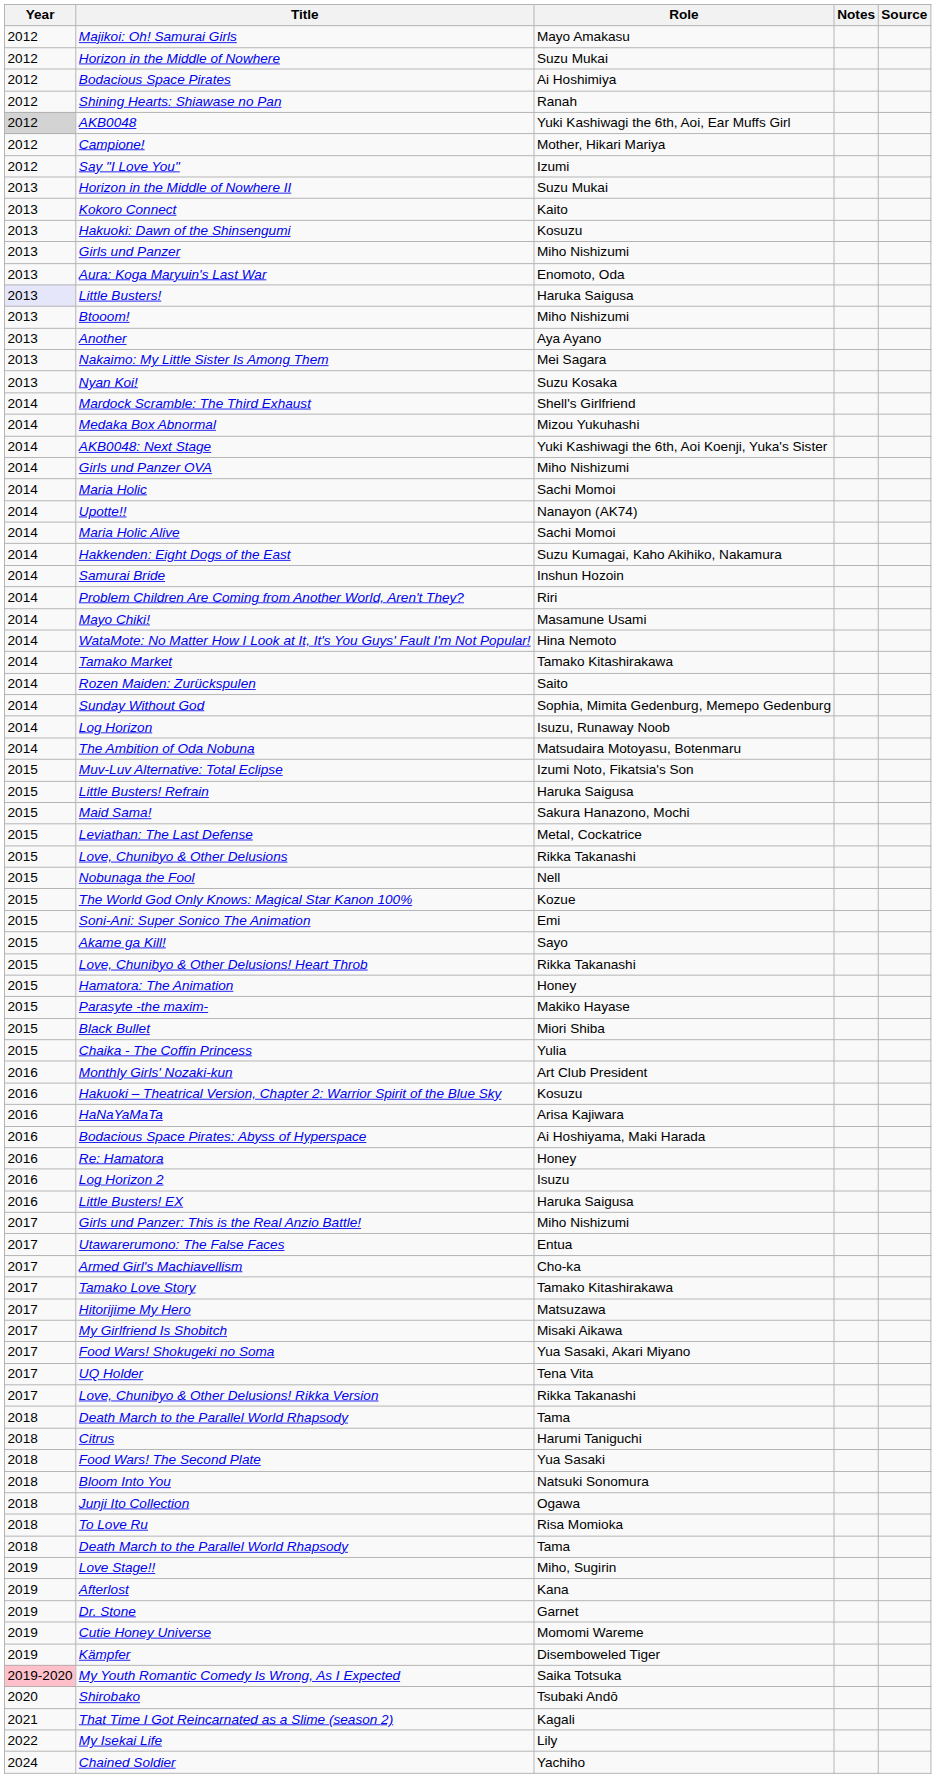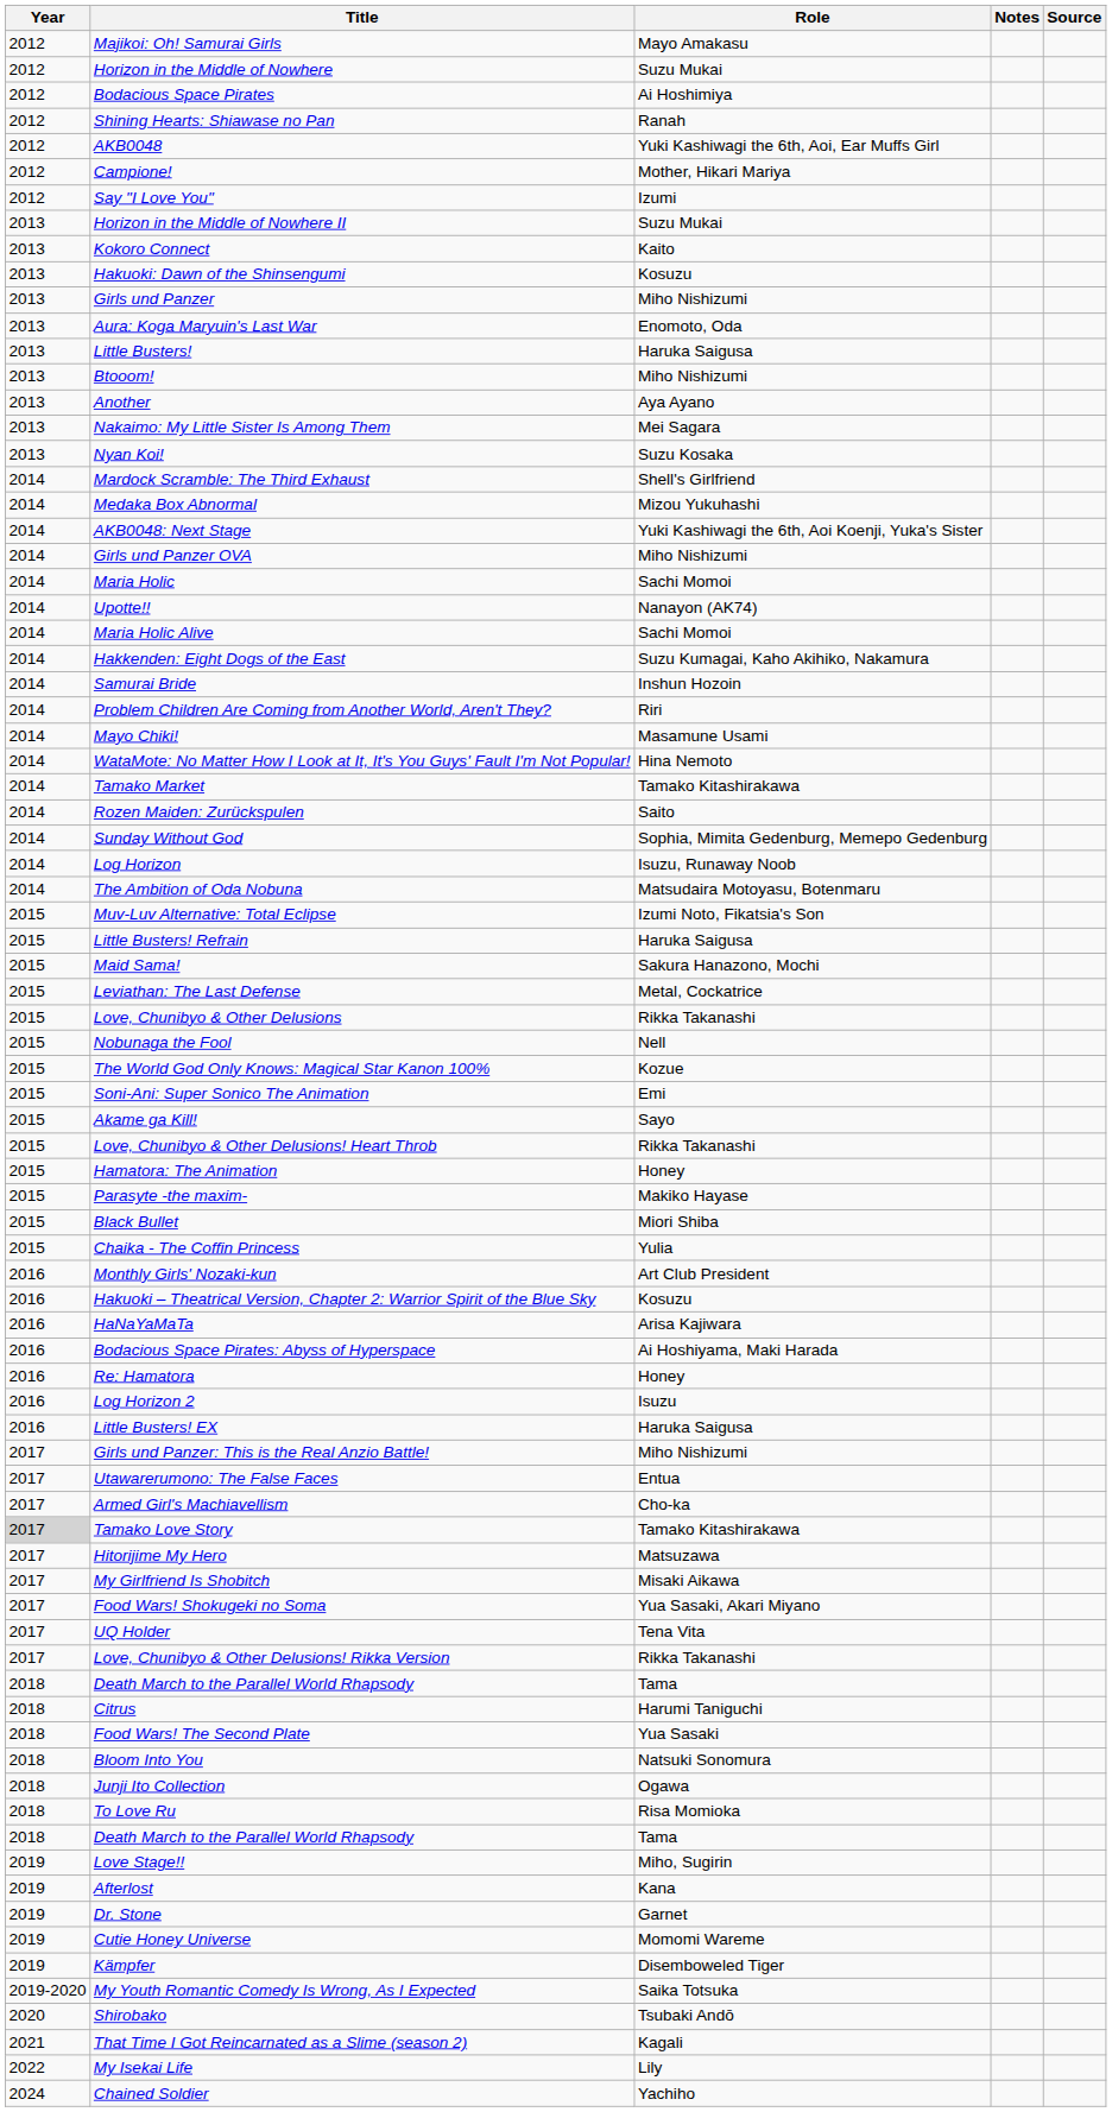 <table class="wikitable sortable plainrowheaders">
 <tr>
 <th>Year</th>
 <th>Title</th>
 <th>Role</th>
 <th class="unsortable">Notes</th>
 <th class="unsortable">Source</th>
 </tr>
 <tr>
 <td>2012</td>
 <td><a href='#'><em>Majikoi: Oh! Samurai Girls</em></a></td>
 <td>Mayo Amakasu</td>
 <td></td>
 <td></td>
 </tr>
 <tr>
 <td>2012</td>
 <td><em><a href='#'>Horizon in the Middle of Nowhere</a></em></td>
 <td>Suzu Mukai</td>
 <td></td>
 <td></td>
 </tr>
 <tr>
 <td>2012</td>
 <td><em><a href='#'>Bodacious Space Pirates</a></em></td>
 <td>Ai Hoshimiya</td>
 <td></td>
 <td></td>
 </tr>
 <tr>
 <td>2012</td>
 <td><em><a href='#'>Shining Hearts: Shiawase no Pan</a></em></td>
 <td>Ranah</td>
 <td></td>
 <td></td>
 </tr>
 <tr>
-<td style="background: lightgrey;">2012</td>
+<td>2012</td>
 <td><em><a href='#'>AKB0048</a></em></td>
 <td>Yuki Kashiwagi the 6th, Aoi, Ear Muffs Girl</td>
 <td></td>
 <td></td>
 </tr>
 <tr>
 <td>2012</td>
 <td><em><a href='#'>Campione!</a></em></td>
 <td>Mother, Hikari Mariya</td>
 <td></td>
 <td></td>
 </tr>
 <tr>
 <td>2012</td>
 <td><a href='#'><em>Say "I Love You"</em></a></td>
 <td>Izumi</td>
 <td></td>
 <td></td>
 </tr>
 <tr>
 <td>2013</td>
 <td><a href='#'><em>Horizon in the Middle of Nowhere II</em></a></td>
 <td>Suzu Mukai</td>
 <td></td>
 <td></td>
 </tr>
 <tr>
 <td>2013</td>
 <td><em><a href='#'>Kokoro Connect</a></em></td>
 <td>Kaito</td>
 <td></td>
 <td></td>
 </tr>
 <tr>
 <td>2013</td>
 <td><a href='#'><em>Hakuoki: Dawn of the Shinsengumi</em></a></td>
 <td>Kosuzu</td>
 <td></td>
 <td></td>
 </tr>
 <tr>
 <td>2013</td>
 <td><em><a href='#'>Girls und Panzer</a></em></td>
 <td>Miho Nishizumi</td>
 <td></td>
 <td></td>
 </tr>
 <tr>
 <td>2013</td>
 <td><em><a href='#'>Aura: Koga Maryuin's Last War</a></em></td>
 <td>Enomoto, Oda</td>
 <td></td>
 <td></td>
 </tr>
 <tr>
-<td style="background: lavender;">2013</td>
+<td>2013</td>
 <td><em><a href='#'>Little Busters!</a></em></td>
 <td>Haruka Saigusa</td>
 <td></td>
 <td></td>
 </tr>
 <tr>
 <td>2013</td>
 <td><em><a href='#'>Btooom!</a></em></td>
 <td>Miho Nishizumi</td>
 <td></td>
 <td></td>
 </tr>
 <tr>
 <td>2013</td>
 <td><em><a href='#'>Another</a></em></td>
 <td>Aya Ayano</td>
 <td></td>
 <td></td>
 </tr>
 <tr>
 <td>2013</td>
 <td><em><a href='#'>Nakaimo: My Little Sister Is Among Them</a></em></td>
 <td>Mei Sagara</td>
 <td></td>
 <td></td>
 </tr>
 <tr>
 <td>2013</td>
 <td><em><a href='#'>Nyan Koi!</a></em></td>
 <td>Suzu Kosaka</td>
 <td></td>
 <td></td>
 </tr>
 <tr>
 <td>2014</td>
 <td><em><a href='#'>Mardock Scramble: The Third Exhaust</a></em></td>
 <td>Shell's Girlfriend</td>
 <td></td>
 <td></td>
 </tr>
 <tr>
 <td>2014</td>
 <td><em><a href='#'>Medaka Box Abnormal</a></em></td>
 <td>Mizou Yukuhashi</td>
 <td></td>
 <td></td>
 </tr>
 <tr>
 <td>2014</td>
 <td><a href='#'><em>AKB0048: Next Stage</em></a></td>
 <td>Yuki Kashiwagi the 6th, Aoi Koenji, Yuka's Sister</td>
 <td></td>
 <td></td>
 </tr>
 <tr>
 <td>2014</td>
 <td><a href='#'><em>Girls und Panzer OVA</em></a></td>
 <td>Miho Nishizumi</td>
 <td></td>
 <td></td>
 </tr>
 <tr>
 <td>2014</td>
 <td><em><a href='#'>Maria Holic</a></em></td>
 <td>Sachi Momoi</td>
 <td></td>
 <td></td>
 </tr>
 <tr>
 <td>2014</td>
 <td><em><a href='#'>Upotte!!</a></em></td>
 <td>Nanayon (AK74)</td>
 <td></td>
 <td></td>
 </tr>
 <tr>
 <td>2014</td>
 <td><a href='#'><em>Maria Holic Alive</em></a></td>
 <td>Sachi Momoi</td>
 <td></td>
 <td></td>
 </tr>
 <tr>
 <td>2014</td>
 <td><em><a href='#'>Hakkenden: Eight Dogs of the East</a></em></td>
 <td>Suzu Kumagai, Kaho Akihiko, Nakamura</td>
 <td></td>
 <td></td>
 </tr>
 <tr>
 <td>2014</td>
 <td><em><a href='#'>Samurai Bride</a></em></td>
 <td>Inshun Hozoin</td>
 <td></td>
 <td></td>
 </tr>
 <tr>
 <td>2014</td>
 <td><em><a href='#'>Problem Children Are Coming from Another World, Aren't They?</a></em></td>
 <td>Riri</td>
 <td></td>
 <td></td>
 </tr>
 <tr>
 <td>2014</td>
 <td><em><a href='#'>Mayo Chiki!</a></em></td>
 <td>Masamune Usami</td>
 <td></td>
 <td></td>
 </tr>
 <tr>
 <td>2014</td>
 <td><a href='#'><em>WataMote: No Matter How I Look at It, It's You Guys' Fault I'm Not Popular!</em></a></td>
 <td>Hina Nemoto</td>
 <td></td>
 <td></td>
 </tr>
 <tr>
 <td>2014</td>
 <td><em><a href='#'>Tamako Market</a></em></td>
 <td>Tamako Kitashirakawa</td>
 <td></td>
 <td></td>
 </tr>
 <tr>
 <td>2014</td>
 <td><em><a href='#'>Rozen Maiden: Zurückspulen</a></em></td>
 <td>Saito</td>
 <td></td>
 <td></td>
 </tr>
 <tr>
 <td>2014</td>
 <td><em><a href='#'>Sunday Without God</a></em></td>
 <td>Sophia, Mimita Gedenburg, Memepo Gedenburg</td>
 <td></td>
 <td></td>
 </tr>
 <tr>
 <td>2014</td>
 <td><a href='#'><em>Log Horizon</em></a></td>
 <td>Isuzu, Runaway Noob</td>
 <td></td>
 <td></td>
 </tr>
 <tr>
 <td>2014</td>
 <td><em><a href='#'>The Ambition of Oda Nobuna</a></em></td>
 <td>Matsudaira Motoyasu, Botenmaru</td>
 <td></td>
 <td></td>
 </tr>
 <tr>
 <td>2015</td>
 <td><a href='#'><em>Muv-Luv Alternative: Total Eclipse</em></a></td>
 <td>Izumi Noto, Fikatsia's Son</td>
 <td></td>
 <td></td>
 </tr>
 <tr>
 <td>2015</td>
 <td><em><a href='#'>Little Busters! Refrain</a></em></td>
 <td>Haruka Saigusa</td>
 <td></td>
 <td></td>
 </tr>
 <tr>
 <td>2015</td>
 <td><em><a href='#'>Maid Sama!</a></em></td>
 <td>Sakura Hanazono, Mochi</td>
 <td></td>
 <td></td>
 </tr>
 <tr>
 <td>2015</td>
 <td><em><a href='#'>Leviathan: The Last Defense</a></em></td>
 <td>Metal, Cockatrice</td>
 <td></td>
 <td></td>
 </tr>
 <tr>
 <td>2015</td>
 <td><em><a href='#'>Love, Chunibyo & Other Delusions</a></em></td>
 <td>Rikka Takanashi</td>
 <td></td>
 <td></td>
 </tr>
 <tr>
 <td>2015</td>
 <td><em><a href='#'>Nobunaga the Fool</a></em></td>
 <td>Nell</td>
 <td></td>
 <td></td>
 </tr>
 <tr>
 <td>2015</td>
 <td><a href='#'><em>The World God Only Knows: Magical Star Kanon 100%</em></a></td>
 <td>Kozue</td>
 <td></td>
 <td></td>
 </tr>
 <tr>
 <td>2015</td>
 <td><a href='#'><em>Soni-Ani: Super Sonico The Animation</em></a></td>
 <td>Emi</td>
 <td></td>
 <td></td>
 </tr>
 <tr>
 <td>2015</td>
 <td><em><a href='#'>Akame ga Kill!</a></em></td>
 <td>Sayo</td>
 <td></td>
 <td></td>
 </tr>
 <tr>
 <td>2015</td>
 <td><a href='#'><em>Love, Chunibyo & Other Delusions! Heart Throb</em></a></td>
 <td>Rikka Takanashi</td>
 <td></td>
 <td></td>
 </tr>
 <tr>
 <td>2015</td>
 <td><a href='#'><em>Hamatora: The Animation</em></a></td>
 <td>Honey</td>
 <td></td>
 <td></td>
 </tr>
 <tr>
 <td>2015</td>
 <td><em><a href='#'>Parasyte -the maxim-</a></em></td>
 <td>Makiko Hayase</td>
 <td></td>
 <td></td>
 </tr>
 <tr>
 <td>2015</td>
 <td><em><a href='#'>Black Bullet</a></em></td>
 <td>Miori Shiba</td>
 <td></td>
 <td></td>
 </tr>
 <tr>
 <td>2015</td>
 <td><em><a href='#'>Chaika - The Coffin Princess</a></em></td>
 <td>Yulia</td>
 <td></td>
 <td></td>
 </tr>
 <tr>
 <td>2016</td>
 <td><em><a href='#'>Monthly Girls' Nozaki-kun</a></em></td>
 <td>Art Club President</td>
 <td></td>
 <td></td>
 </tr>
 <tr>
 <td>2016</td>
 <td><a href='#'><em>Hakuoki – Theatrical Version, Chapter 2: Warrior Spirit of the Blue Sky</em></a></td>
 <td>Kosuzu</td>
 <td></td>
 <td></td>
 </tr>
 <tr>
 <td>2016</td>
 <td><a href='#'><em>HaNaYaMaTa</em></a></td>
 <td>Arisa Kajiwara</td>
 <td></td>
 <td></td>
 </tr>
 <tr>
 <td>2016</td>
 <td><em><a href='#'>Bodacious Space Pirates: Abyss of Hyperspace</a></em></td>
 <td>Ai Hoshiyama, Maki Harada</td>
 <td></td>
 <td></td>
 </tr>
 <tr>
 <td>2016</td>
 <td><em><a href='#'>Re: Hamatora</a></em></td>
 <td>Honey</td>
 <td></td>
 <td></td>
 </tr>
 <tr>
 <td>2016</td>
 <td><a href='#'><em>Log Horizon 2</em></a></td>
 <td>Isuzu</td>
 <td></td>
 <td></td>
 </tr>
 <tr>
 <td>2016</td>
 <td><em><a href='#'>Little Busters! EX</a></em></td>
 <td>Haruka Saigusa</td>
 <td></td>
 <td></td>
 </tr>
 <tr>
 <td>2017</td>
 <td><a href='#'><em>Girls und Panzer: This is the Real Anzio Battle!</em></a></td>
 <td>Miho Nishizumi</td>
 <td></td>
 <td></td>
 </tr>
 <tr>
 <td>2017</td>
 <td><a href='#'><em>Utawarerumono: The False Faces</em></a></td>
 <td>Entua</td>
 <td></td>
 <td></td>
 </tr>
 <tr>
 <td>2017</td>
 <td><em><a href='#'>Armed Girl's Machiavellism</a></em></td>
 <td>Cho-ka</td>
 <td></td>
 <td></td>
 </tr>
 <tr>
-<td>2017</td>
+<td style="background: lightgrey;">2017</td>
 <td><em><a href='#'>Tamako Love Story</a></em></td>
 <td>Tamako Kitashirakawa</td>
 <td></td>
 <td></td>
 </tr>
 <tr>
 <td>2017</td>
 <td><em><a href='#'>Hitorijime My Hero</a></em></td>
 <td>Matsuzawa</td>
 <td></td>
 <td></td>
 </tr>
 <tr>
 <td>2017</td>
 <td><em><a href='#'>My Girlfriend Is Shobitch</a></em></td>
 <td>Misaki Aikawa</td>
 <td></td>
 <td></td>
 </tr>
 <tr>
 <td>2017</td>
 <td><a href='#'><em>Food Wars! Shokugeki no Soma</em></a></td>
 <td>Yua Sasaki, Akari Miyano</td>
 <td></td>
 <td></td>
 </tr>
 <tr>
 <td>2017</td>
 <td><a href='#'><em>UQ Holder</em></a></td>
 <td>Tena Vita</td>
 <td></td>
 <td></td>
 </tr>
 <tr>
 <td>2017</td>
 <td><a href='#'><em>Love, Chunibyo & Other Delusions! Rikka Version</em></a></td>
 <td>Rikka Takanashi</td>
 <td></td>
 <td></td>
 </tr>
 <tr>
 <td>2018</td>
 <td><em><a href='#'>Death March to the Parallel World Rhapsody</a></em></td>
 <td>Tama</td>
 <td></td>
 </tr>
 <tr>
 <td>2018</td>
 <td><a href='#'><em>Citrus</em></a></td>
 <td>Harumi Taniguchi</td>
 <td></td>
 <td></td>
 </tr>
 <tr>
 <td>2018</td>
 <td><a href='#'><em>Food Wars! The Second Plate</em></a></td>
 <td>Yua Sasaki</td>
 <td></td>
 <td></td>
 </tr>
 <tr>
 <td>2018</td>
 <td><em><a href='#'>Bloom Into You</a></em></td>
 <td>Natsuki Sonomura</td>
 <td></td>
 <td></td>
 </tr>
 <tr>
 <td>2018</td>
 <td><em><a href='#'>Junji Ito Collection</a></em></td>
 <td>Ogawa</td>
 <td></td>
 <td></td>
 </tr>
 <tr>
 <td>2018</td>
 <td><em><a href='#'>To Love Ru</a></em></td>
 <td>Risa Momioka</td>
 <td></td>
 <td></td>
 </tr>
 <tr>
 <td>2018</td>
 <td><em><a href='#'>Death March to the Parallel World Rhapsody</a></em></td>
 <td>Tama</td>
 <td></td>
 <td></td>
 </tr>
 <tr>
 <td>2019</td>
 <td><em><a href='#'>Love Stage!!</a></em></td>
 <td>Miho, Sugirin</td>
 <td></td>
 <td></td>
 </tr>
 <tr>
 <td>2019</td>
 <td><em><a href='#'>Afterlost</a></em></td>
 <td>Kana</td>
 <td></td>
 </tr>
 <tr>
 <td>2019</td>
 <td><em><a href='#'>Dr. Stone</a></em></td>
 <td>Garnet</td>
 <td></td>
 <td></td>
 </tr>
 <tr>
 <td>2019</td>
 <td><em><a href='#'>Cutie Honey Universe</a></em></td>
 <td>Momomi Wareme</td>
 <td></td>
 <td></td>
 </tr>
 <tr>
 <td>2019</td>
 <td><em><a href='#'>Kämpfer</a></em></td>
 <td>Disemboweled Tiger</td>
 <td></td>
 <td></td>
 </tr>
 <tr>
-<td style="background: pink;">2019-2020</td>
+<td>2019-2020</td>
 <td><em><a href='#'>My Youth Romantic Comedy Is Wrong, As I Expected</a></em></td>
 <td>Saika Totsuka</td>
 <td></td>
 <td></td>
 </tr>
 <tr>
 <td>2020</td>
 <td><em><a href='#'>Shirobako</a></em></td>
 <td>Tsubaki Andō</td>
 <td></td>
 <td></td>
 </tr>
 <tr>
 <td>2021</td>
 <td><em><a href='#'>That Time I Got Reincarnated as a Slime (season 2)</a></em></td>
 <td>Kagali</td>
 <td></td>
 <td></td>
 </tr>
 <tr>
 <td>2022</td>
 <td><em><a href='#'>My Isekai Life</a></em></td>
 <td>Lily</td>
 <td></td>
 <td></td>
 </tr>
 <tr>
 <td>2024</td>
 <td><em><a href='#'>Chained Soldier</a></em></td>
 <td>Yachiho</td>
 <td></td>
 <td></td>
 </tr>
 </table>
